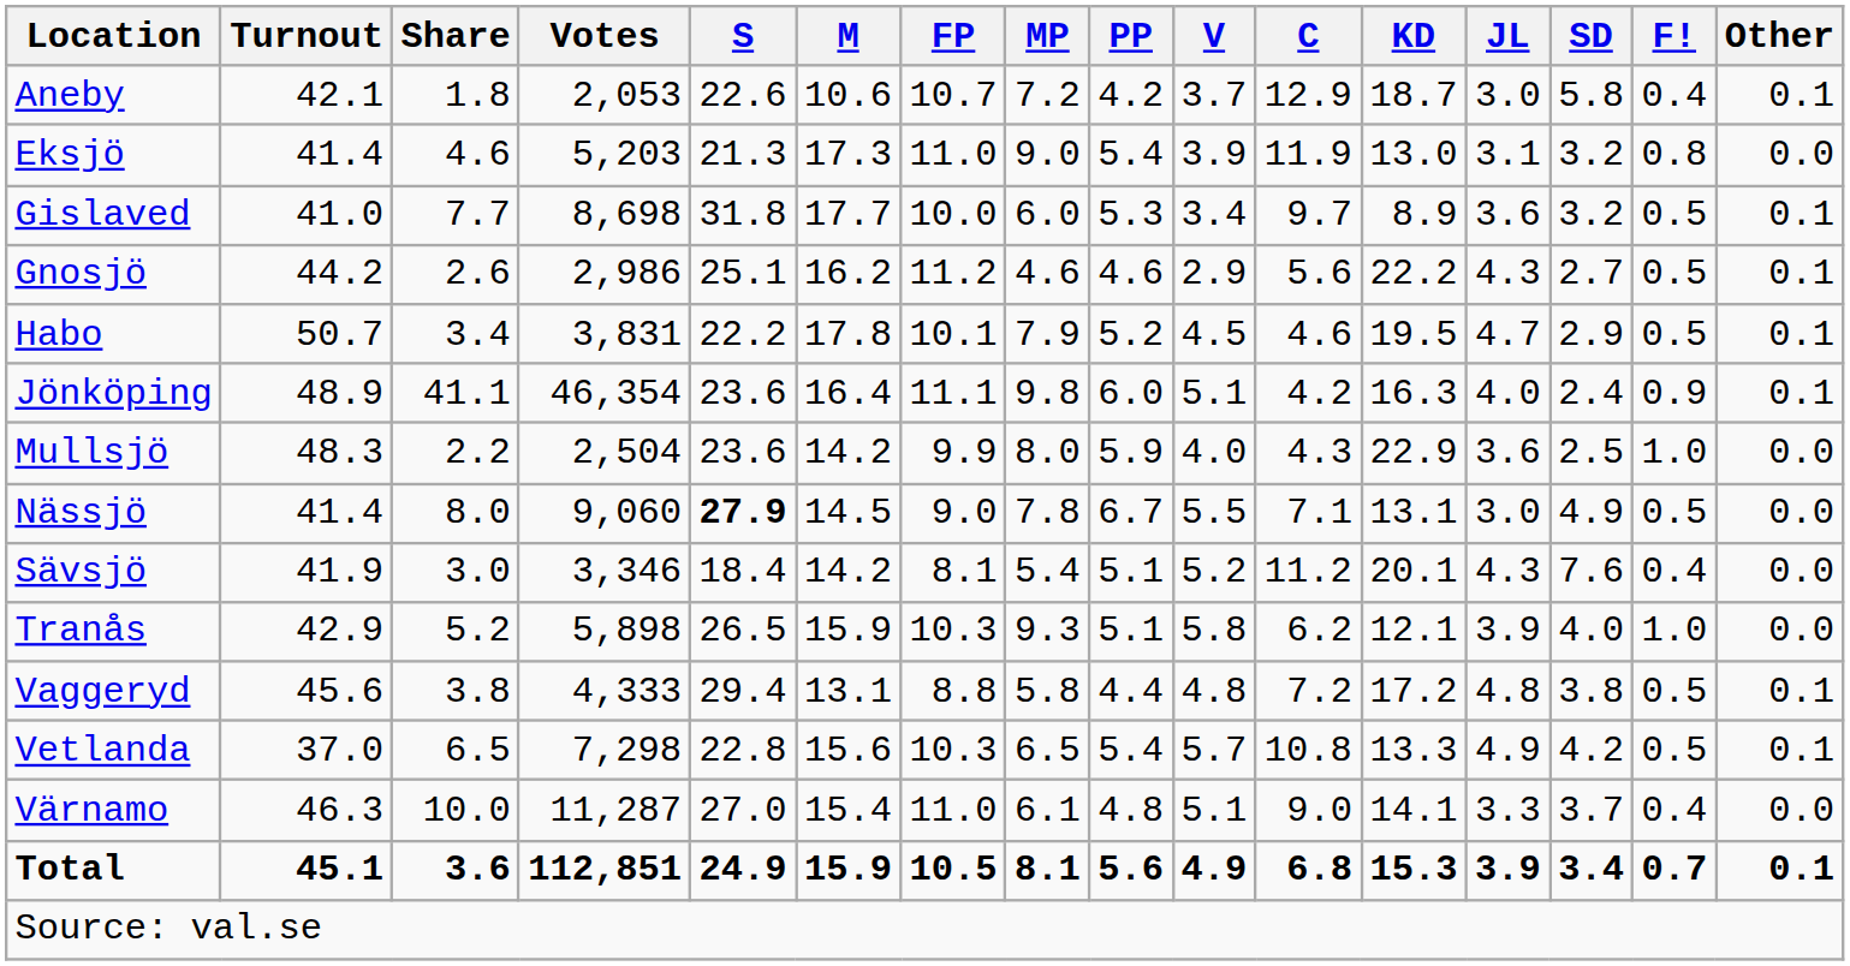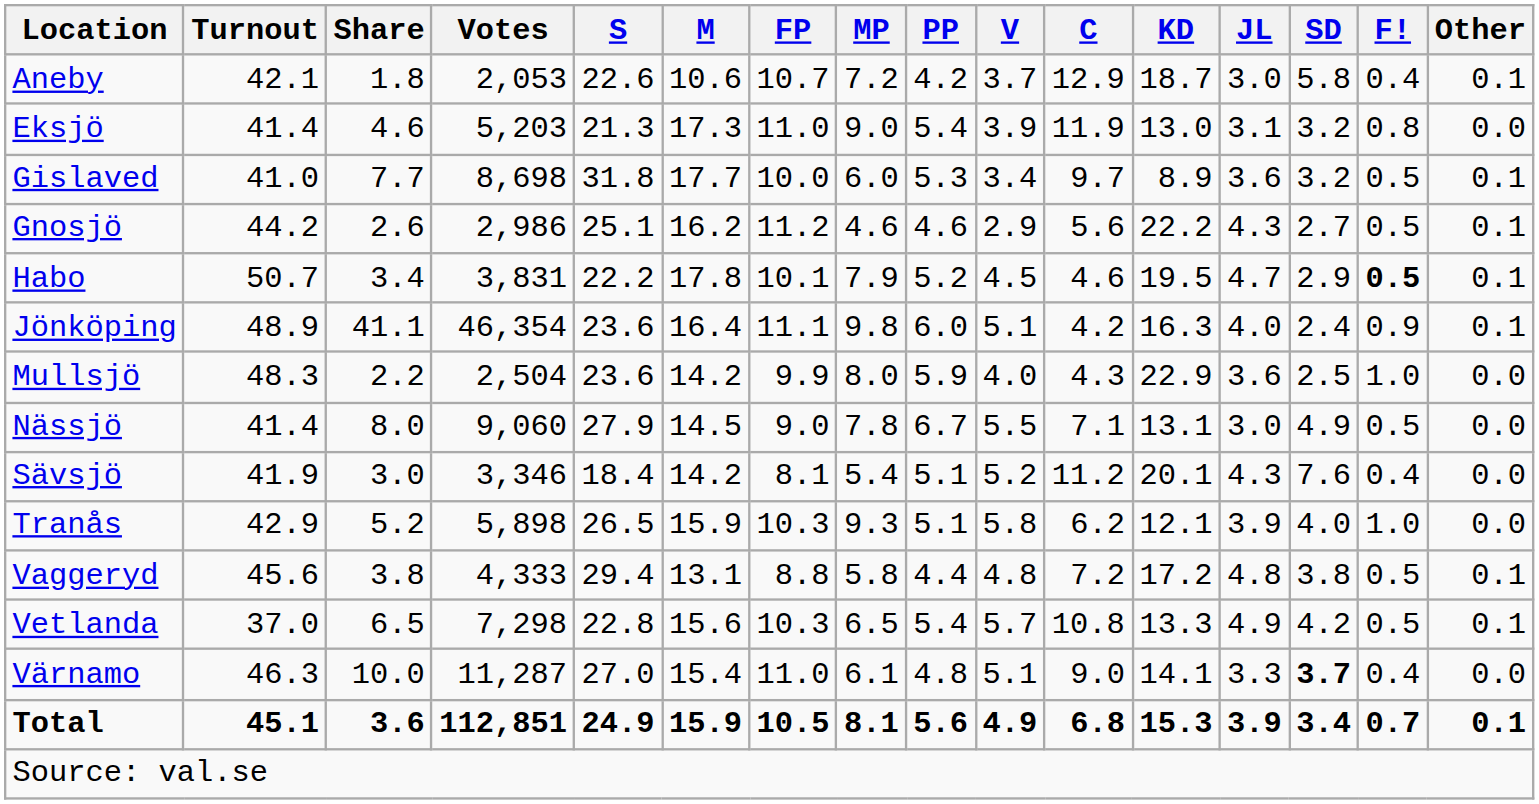 <table class="wikitable sortable" style=text-align:right>
 <tr>
 <th>Location</th>
 <th>Turnout</th>
 <th>Share</th>
 <th>Votes</th>
 <th><a href='#'>S</a></th>
 <th><a href='#'>M</a></th>
 <th><a href='#'>FP</a></th>
 <th><a href='#'>MP</a></th>
 <th><a href='#'>PP</a></th>
 <th><a href='#'>V</a></th>
 <th><a href='#'>C</a></th>
 <th><a href='#'>KD</a></th>
 <th><a href='#'>JL</a></th>
 <th><a href='#'>SD</a></th>
 <th><a href='#'>F!</a></th>
 <th>Other</th>
 </tr>
 <tr>
 <td align=left><a href='#'>Aneby</a></td>
 <td>42.1</td>
 <td>1.8</td>
 <td>2,053</td>
 <td>22.6</td>
 <td>10.6</td>
 <td>10.7</td>
 <td>7.2</td>
 <td>4.2</td>
 <td>3.7</td>
 <td>12.9</td>
 <td>18.7</td>
 <td>3.0</td>
 <td>5.8</td>
 <td>0.4</td>
 <td>0.1</td>
 </tr>
 <tr>
 <td align=left><a href='#'>Eksjö</a></td>
 <td>41.4</td>
 <td>4.6</td>
 <td>5,203</td>
 <td>21.3</td>
 <td>17.3</td>
 <td>11.0</td>
 <td>9.0</td>
 <td>5.4</td>
 <td>3.9</td>
 <td>11.9</td>
 <td>13.0</td>
 <td>3.1</td>
 <td>3.2</td>
 <td>0.8</td>
 <td>0.0</td>
 </tr>
 <tr>
 <td align=left><a href='#'>Gislaved</a></td>
 <td>41.0</td>
 <td>7.7</td>
 <td>8,698</td>
 <td>31.8</td>
 <td>17.7</td>
 <td>10.0</td>
 <td>6.0</td>
 <td>5.3</td>
 <td>3.4</td>
 <td>9.7</td>
 <td>8.9</td>
 <td>3.6</td>
 <td>3.2</td>
 <td>0.5</td>
 <td>0.1</td>
 </tr>
 <tr>
 <td align=left><a href='#'>Gnosjö</a></td>
 <td>44.2</td>
 <td>2.6</td>
 <td>2,986</td>
 <td>25.1</td>
 <td>16.2</td>
 <td>11.2</td>
 <td>4.6</td>
 <td>4.6</td>
 <td>2.9</td>
 <td>5.6</td>
 <td>22.2</td>
 <td>4.3</td>
 <td>2.7</td>
 <td>0.5</td>
 <td>0.1</td>
 </tr>
 <tr>
 <td align=left><a href='#'>Habo</a></td>
 <td>50.7</td>
 <td>3.4</td>
 <td>3,831</td>
 <td>22.2</td>
 <td>17.8</td>
 <td>10.1</td>
 <td>7.9</td>
 <td>5.2</td>
 <td>4.5</td>
 <td>4.6</td>
 <td>19.5</td>
 <td>4.7</td>
 <td>2.9</td>
-<td>0.5</td>
+<td><strong>0.5</strong></td>
 <td>0.1</td>
 </tr>
 <tr>
 <td align=left><a href='#'>Jönköping</a></td>
 <td>48.9</td>
 <td>41.1</td>
 <td>46,354</td>
 <td>23.6</td>
 <td>16.4</td>
 <td>11.1</td>
 <td>9.8</td>
 <td>6.0</td>
 <td>5.1</td>
 <td>4.2</td>
 <td>16.3</td>
 <td>4.0</td>
 <td>2.4</td>
 <td>0.9</td>
 <td>0.1</td>
 </tr>
 <tr>
 <td align=left><a href='#'>Mullsjö</a></td>
 <td>48.3</td>
 <td>2.2</td>
 <td>2,504</td>
 <td>23.6</td>
 <td>14.2</td>
 <td>9.9</td>
 <td>8.0</td>
 <td>5.9</td>
 <td>4.0</td>
 <td>4.3</td>
 <td>22.9</td>
 <td>3.6</td>
 <td>2.5</td>
 <td>1.0</td>
 <td>0.0</td>
 </tr>
 <tr>
 <td align=left><a href='#'>Nässjö</a></td>
 <td>41.4</td>
 <td>8.0</td>
 <td>9,060</td>
-<td><strong>27.9</strong></td>
+<td>27.9</td>
 <td>14.5</td>
 <td>9.0</td>
 <td>7.8</td>
 <td>6.7</td>
 <td>5.5</td>
 <td>7.1</td>
 <td>13.1</td>
 <td>3.0</td>
 <td>4.9</td>
 <td>0.5</td>
 <td>0.0</td>
 </tr>
 <tr>
 <td align=left><a href='#'>Sävsjö</a></td>
 <td>41.9</td>
 <td>3.0</td>
 <td>3,346</td>
 <td>18.4</td>
 <td>14.2</td>
 <td>8.1</td>
 <td>5.4</td>
 <td>5.1</td>
 <td>5.2</td>
 <td>11.2</td>
 <td>20.1</td>
 <td>4.3</td>
 <td>7.6</td>
 <td>0.4</td>
 <td>0.0</td>
 </tr>
 <tr>
 <td align=left><a href='#'>Tranås</a></td>
 <td>42.9</td>
 <td>5.2</td>
 <td>5,898</td>
 <td>26.5</td>
 <td>15.9</td>
 <td>10.3</td>
 <td>9.3</td>
 <td>5.1</td>
 <td>5.8</td>
 <td>6.2</td>
 <td>12.1</td>
 <td>3.9</td>
 <td>4.0</td>
 <td>1.0</td>
 <td>0.0</td>
 </tr>
 <tr>
 <td align=left><a href='#'>Vaggeryd</a></td>
 <td>45.6</td>
 <td>3.8</td>
 <td>4,333</td>
 <td>29.4</td>
 <td>13.1</td>
 <td>8.8</td>
 <td>5.8</td>
 <td>4.4</td>
 <td>4.8</td>
 <td>7.2</td>
 <td>17.2</td>
 <td>4.8</td>
 <td>3.8</td>
 <td>0.5</td>
 <td>0.1</td>
 </tr>
 <tr>
 <td align=left><a href='#'>Vetlanda</a></td>
 <td>37.0</td>
 <td>6.5</td>
 <td>7,298</td>
 <td>22.8</td>
 <td>15.6</td>
 <td>10.3</td>
 <td>6.5</td>
 <td>5.4</td>
 <td>5.7</td>
 <td>10.8</td>
 <td>13.3</td>
 <td>4.9</td>
 <td>4.2</td>
 <td>0.5</td>
 <td>0.1</td>
 </tr>
 <tr>
 <td align=left><a href='#'>Värnamo</a></td>
 <td>46.3</td>
 <td>10.0</td>
 <td>11,287</td>
 <td>27.0</td>
 <td>15.4</td>
 <td>11.0</td>
 <td>6.1</td>
 <td>4.8</td>
 <td>5.1</td>
 <td>9.0</td>
 <td>14.1</td>
 <td>3.3</td>
-<td>3.7</td>
+<td><strong>3.7</strong></td>
 <td>0.4</td>
 <td>0.0</td>
 </tr>
 <tr>
 <td align=left><strong>Total</strong></td>
 <td><strong>45.1</strong></td>
 <td><strong>3.6</strong></td>
 <td><strong>112,851</strong></td>
 <td><strong>24.9</strong></td>
 <td><strong>15.9</strong></td>
 <td><strong>10.5</strong></td>
 <td><strong>8.1</strong></td>
 <td><strong>5.6</strong></td>
 <td><strong>4.9</strong></td>
 <td><strong>6.8</strong></td>
 <td><strong>15.3</strong></td>
 <td><strong>3.9</strong></td>
 <td><strong>3.4</strong></td>
 <td><strong>0.7</strong></td>
 <td><strong>0.1</strong></td>
 </tr>
 <tr>
 <td align=left colspan=16>Source: val.se </td>
 </tr>
 </table>
